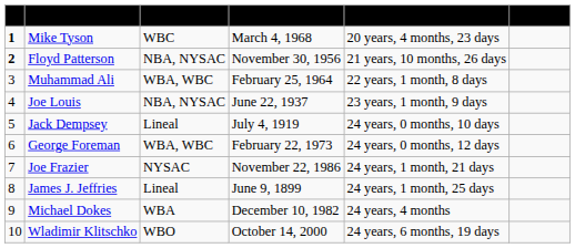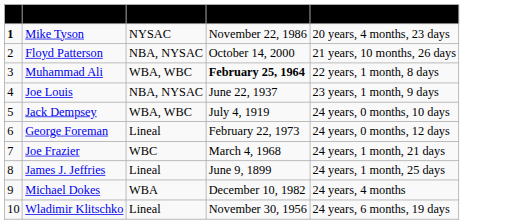 <table class="wikitable sortable" style="margin:0 .5em .5em 0; margin-top:.5em; margin-bottom:.5em; border:1px solid #CCC; border-collapse:collapse; text-align:left;">
 <tr>
 <th style="background: #D1EEEE; background: black;« width=»10%"><span></span></th>
 <th style="background: #D1EEEE; background: black;« width=»10%"><span>Name</span></th>
 <th style="background: #D1EEEE; background: black;« width=»10%"><span>Recognition</span></th>
 <th style="background: #D1EEEE; background: black;« width=»10%"><span>Date</span></th>
 <th style="background: #D1EEEE; background: black;« width=»10%"><span>Age</span></th>
-<th style="background: #D1EEEE; background: black;« width=»10%"><span>Source(s)</span></th>
 </tr>
 <tr>
 <td><strong>1</strong></td>
 <td><a href='#'>Mike Tyson</a></td>
-<td>WBC</td>
-<td>March 4, 1968</td>
+<td>NYSAC</td>
+<td>November 22, 1986</td>
 <td>20 years, 4 months, 23 days</td>
-<td></td>
 </tr>
 <tr>
-<td><strong>2</strong></td>
+<td>2</td>
 <td><a href='#'>Floyd Patterson</a></td>
 <td>NBA, NYSAC</td>
-<td>November 30, 1956</td>
+<td>October 14, 2000</td>
 <td>21 years, 10 months, 26 days</td>
-<td></td>
 </tr>
 <tr>
 <td>3</td>
 <td><a href='#'>Muhammad Ali</a></td>
 <td>WBA, WBC</td>
-<td>February 25, 1964</td>
+<td><strong>February 25, 1964</strong></td>
 <td>22 years, 1 month, 8 days</td>
-<td></td>
 </tr>
 <tr>
 <td>4</td>
 <td><a href='#'>Joe Louis</a></td>
 <td>NBA, NYSAC</td>
 <td>June 22, 1937</td>
 <td>23 years, 1 month, 9 days</td>
-<td></td>
 </tr>
 <tr>
 <td>5</td>
 <td><a href='#'>Jack Dempsey</a></td>
-<td>Lineal</td>
+<td>WBA, WBC</td>
 <td>July 4, 1919</td>
 <td>24 years, 0 months, 10 days</td>
-<td></td>
 </tr>
 <tr>
 <td>6</td>
 <td><a href='#'>George Foreman</a></td>
-<td>WBA, WBC</td>
+<td>Lineal</td>
 <td>February 22, 1973</td>
 <td>24 years, 0 months, 12 days</td>
-<td></td>
 </tr>
 <tr>
 <td>7</td>
 <td><a href='#'>Joe Frazier</a></td>
-<td>NYSAC</td>
-<td>November 22, 1986</td>
+<td>WBC</td>
+<td>March 4, 1968</td>
 <td>24 years, 1 month, 21 days</td>
-<td></td>
 </tr>
 <tr>
 <td>8</td>
 <td><a href='#'>James J. Jeffries</a></td>
 <td>Lineal</td>
 <td>June 9, 1899</td>
 <td>24 years, 1 month, 25 days</td>
-<td></td>
 </tr>
 <tr>
 <td>9</td>
 <td><a href='#'>Michael Dokes</a></td>
 <td>WBA</td>
 <td>December 10, 1982</td>
 <td>24 years, 4 months</td>
-<td></td>
 </tr>
 <tr>
 <td>10</td>
 <td><a href='#'>Wladimir Klitschko</a></td>
-<td>WBO</td>
-<td>October 14, 2000</td>
+<td>Lineal</td>
+<td>November 30, 1956</td>
 <td>24 years, 6 months, 19 days</td>
-<td></td>
 </tr>
 </table>
